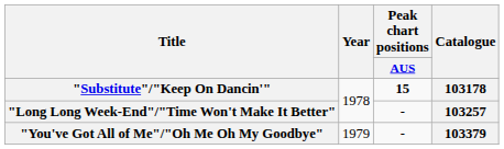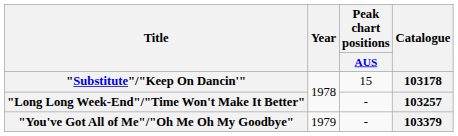 <table class="wikitable plainrowheaders" style=text-align:center;>
 <tr>
 <th scope="col" rowspan="2">Title</th>
 <th scope="col" rowspan="2">Year</th>
 <th scope="col" colspan="1">Peak chart positions</th>
 <th scope="col" rowspan="2">Catalogue</th>
 </tr>
 <tr>
 <th scope="col" style="width:3em;font-size:90%;"><a href='#'>AUS</a><br></th>
 </tr>
 <tr>
 <th scope="row">"<a href='#'>Substitute</a>"/"Keep On Dancin'"</th>
 <td rowspan="2">1978</td>
-<td><strong>15</strong></td>
+<td>15</td>
 <th scope="row">103178</th>
 </tr>
 <tr>
 <th scope="row">"Long Long Week-End"/"Time Won't Make It Better"</th>
 <td>-</td>
 <th scope="row">103257</th>
 </tr>
 <tr>
 <th scope="row">"You've Got All of Me"/"Oh Me Oh My Goodbye"</th>
 <td rowspan="1">1979</td>
 <td>-</td>
 <th scope="row">103379</th>
 </tr>
 </table>
